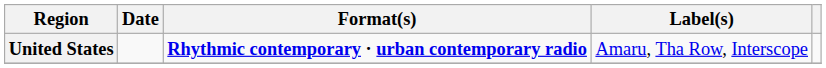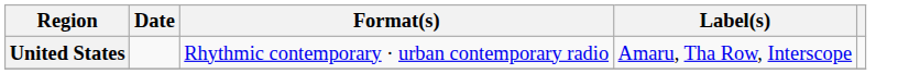 <table class="wikitable plainrowheaders" style="text-align:left">
 <tr>
 <th scope="col">Region</th>
 <th scope="col">Date</th>
 <th scope="col">Format(s)</th>
 <th scope="col">Label(s)</th>
 <th scope="col"></th>
 </tr>
 <tr>
 <th scope="row">United States</th>
 <td></td>
-<td><strong><a href='#'>Rhythmic contemporary</a> · <a href='#'>urban contemporary radio</a></strong></td>
+<td><a href='#'>Rhythmic contemporary</a> · <a href='#'>urban contemporary radio</a></td>
 <td><a href='#'>Amaru</a>, <a href='#'>Tha Row</a>, <a href='#'>Interscope</a></td>
 <td></td>
 </tr>
 <tr>
 </tr>
 </table>
